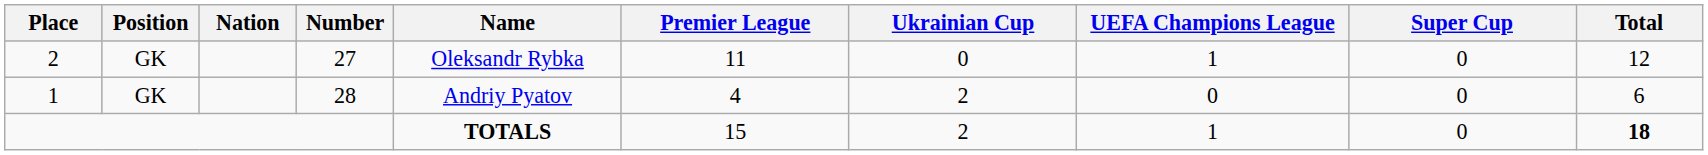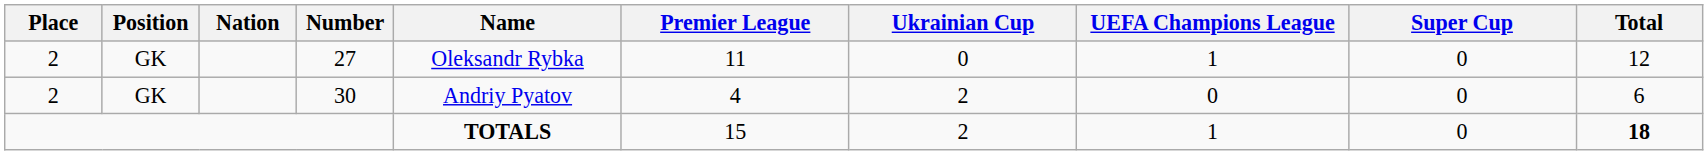 <table class="wikitable" style="font-size: 95%; text-align: center;">
 <tr>
 <th width=60>Place</th>
 <th width=60>Position</th>
 <th width=60>Nation</th>
 <th width=60>Number</th>
 <th width=150>Name</th>
 <th width=150><a href='#'>Premier League</a></th>
 <th width=150><a href='#'>Ukrainian Cup</a></th>
 <th width=180><a href='#'>UEFA Champions League</a></th>
 <th width=150><a href='#'>Super Cup</a></th>
 <th width=80><strong>Total</strong></th>
 </tr>
 <tr>
 <td>2</td>
 <td>GK</td>
 <td></td>
 <td>27</td>
 <td><a href='#'>Oleksandr Rybka</a></td>
 <td>11</td>
 <td>0</td>
 <td>1</td>
 <td>0</td>
 <td>12</td>
 </tr>
 <tr>
-<td>1</td>
+<td>2</td>
 <td>GK</td>
 <td></td>
-<td>28</td>
+<td>30</td>
 <td><a href='#'>Andriy Pyatov</a></td>
 <td>4</td>
 <td>2</td>
 <td>0</td>
 <td>0</td>
 <td>6</td>
 </tr>
 <tr>
 <td colspan="4"></td>
 <td><strong>TOTALS</strong></td>
 <td>15</td>
 <td>2</td>
 <td>1</td>
 <td>0</td>
 <td><strong>18</strong></td>
 </tr>
 </table>
